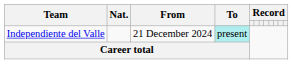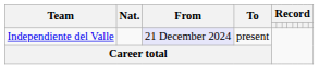 <table class="wikitable" style="text-align: center">
 <tr>
 <th rowspan="2">Team</th>
 <th rowspan="2">Nat.</th>
 <th rowspan="2">From</th>
 <th rowspan="2">To</th>
 <th colspan="8">Record</th>
 </tr>
 <tr>
 <th></th>
 <th></th>
 <th></th>
 <th></th>
 <th></th>
 <th></th>
 <th></th>
 <th></th>
 </tr>
 <tr>
 <td align="left"><a href='#'>Independiente del Valle</a></td>
 <td></td>
-<td align=left>21 December 2024</td>
-<td align=left style="background: paleturquoise;">present<br></td>
+<td align=left style="background: lavender;">21 December 2024</td>
+<td align=left>present<br></td>
 </tr>
 <tr>
 <th colspan="4"><strong>Career total</strong><br></th>
 </tr>
 </table>
